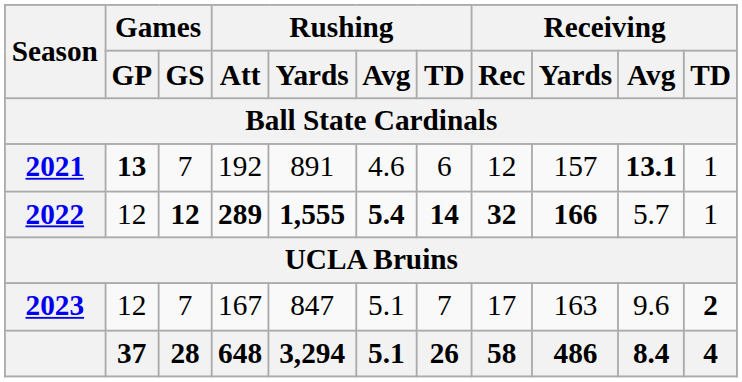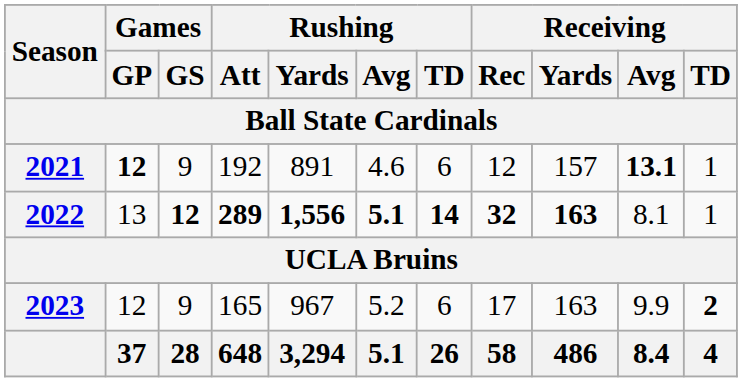 <table class="wikitable" style="text-align:center;">
 <tr>
 <th rowspan="2">Season</th>
 <th colspan="2">Games</th>
 <th colspan="4">Rushing</th>
 <th colspan="4">Receiving</th>
 </tr>
 <tr>
 <th>GP</th>
 <th>GS</th>
 <th>Att</th>
 <th>Yards</th>
 <th>Avg</th>
 <th>TD</th>
 <th>Rec</th>
 <th>Yards</th>
 <th>Avg</th>
 <th>TD</th>
 </tr>
 <tr>
 <th colspan="15">Ball State Cardinals</th>
 </tr>
 <tr>
 <th><a href='#'>2021</a></th>
-<td><strong>13</strong></td>
-<td>7</td>
+<td><strong>12</strong></td>
+<td>9</td>
 <td>192</td>
 <td>891</td>
 <td>4.6</td>
 <td>6</td>
 <td>12</td>
 <td>157</td>
 <td><strong>13.1</strong></td>
 <td>1</td>
 </tr>
 <tr>
 <th><a href='#'>2022</a></th>
-<td>12</td>
+<td>13</td>
 <td><strong>12</strong></td>
 <td><strong>289</strong></td>
-<td><strong>1,555</strong></td>
-<td><strong>5.4</strong></td>
+<td><strong>1,556</strong></td>
+<td><strong>5.1</strong></td>
 <td><strong>14</strong></td>
 <td><strong>32</strong></td>
-<td><strong>166</strong></td>
-<td>5.7</td>
+<td><strong>163</strong></td>
+<td>8.1</td>
 <td>1</td>
 </tr>
 <tr>
 <th colspan="15">UCLA Bruins</th>
 </tr>
 <tr>
 <th><a href='#'>2023</a></th>
 <td>12</td>
-<td>7</td>
-<td>167</td>
-<td>847</td>
-<td>5.1</td>
-<td>7</td>
+<td>9</td>
+<td>165</td>
+<td>967</td>
+<td>5.2</td>
+<td>6</td>
 <td>17</td>
 <td>163</td>
-<td>9.6</td>
+<td>9.9</td>
 <td><strong>2</strong></td>
 </tr>
 <tr>
 <th></th>
 <th>37</th>
 <th>28</th>
 <th>648</th>
 <th>3,294</th>
 <th>5.1</th>
 <th>26</th>
 <th>58</th>
 <th>486</th>
 <th>8.4</th>
 <th>4</th>
 </tr>
 </table>
